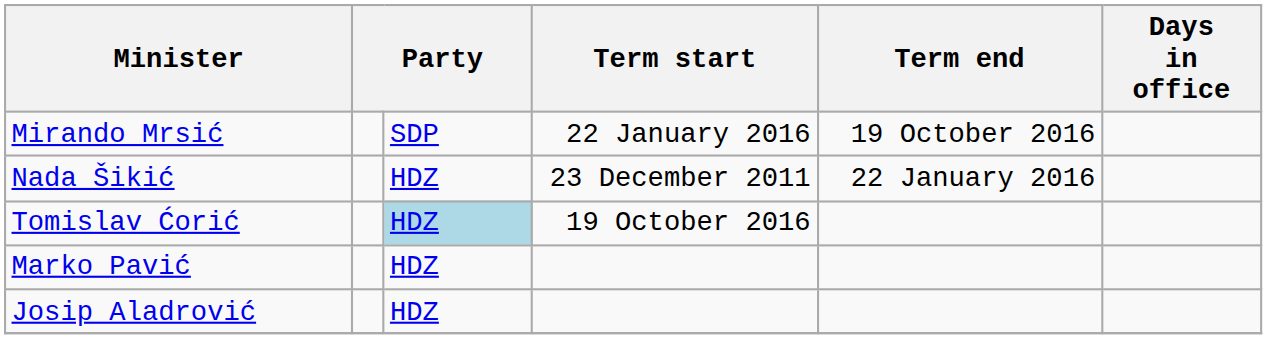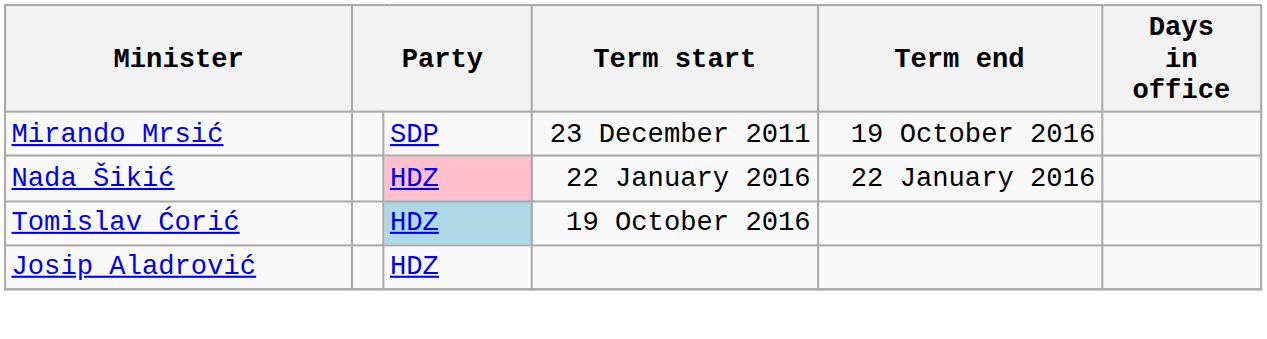 <table class="wikitable" style="text-align: left;">
 <tr>
 <th width="160">Minister</th>
 <th colspan=2 width="80">Party</th>
 <th width="130">Term start</th>
 <th width="130">Term end</th>
 <th width=70>Days<br> in office</th>
 </tr>
 <tr>
 <td><a href='#'>Mirando Mrsić</a></td>
 <td style="background-color: "></td>
 <td><a href='#'>SDP</a></td>
-<td align=right>22 January 2016</td>
+<td align=right>23 December 2011</td>
 <td align=right>19 October 2016</td>
 <td align=right></td>
 </tr>
 <tr>
 <td><a href='#'>Nada Šikić</a></td>
 <td style="background-color: "></td>
-<td><a href='#'>HDZ</a></td>
-<td align=right>23 December 2011</td>
+<td style="background: pink;"><a href='#'>HDZ</a></td>
+<td align=right>22 January 2016</td>
 <td align=right>22 January 2016</td>
 <td align=right></td>
 </tr>
 <tr>
 <td><a href='#'>Tomislav Ćorić</a></td>
 <td style="background-color: "></td>
 <td style="background: lightblue;"><a href='#'>HDZ</a></td>
 <td align=right>19 October 2016</td>
-<td align=right></td>
-<td align=right></td>
-</tr>
-<tr>
-<td><a href='#'>Marko Pavić</a></td>
-<td style="background-color: "></td>
-<td><a href='#'>HDZ</a></td>
-<td align=right></td>
 <td align=right></td>
 <td align=right></td>
 </tr>
 <tr>
 <td><a href='#'>Josip Aladrović</a></td>
 <td style="background-color: "></td>
 <td><a href='#'>HDZ</a></td>
 <td align=right></td>
 <td align=right></td>
 <td align=right></td>
 </tr>
 <tr>
 </tr>
 </table>
